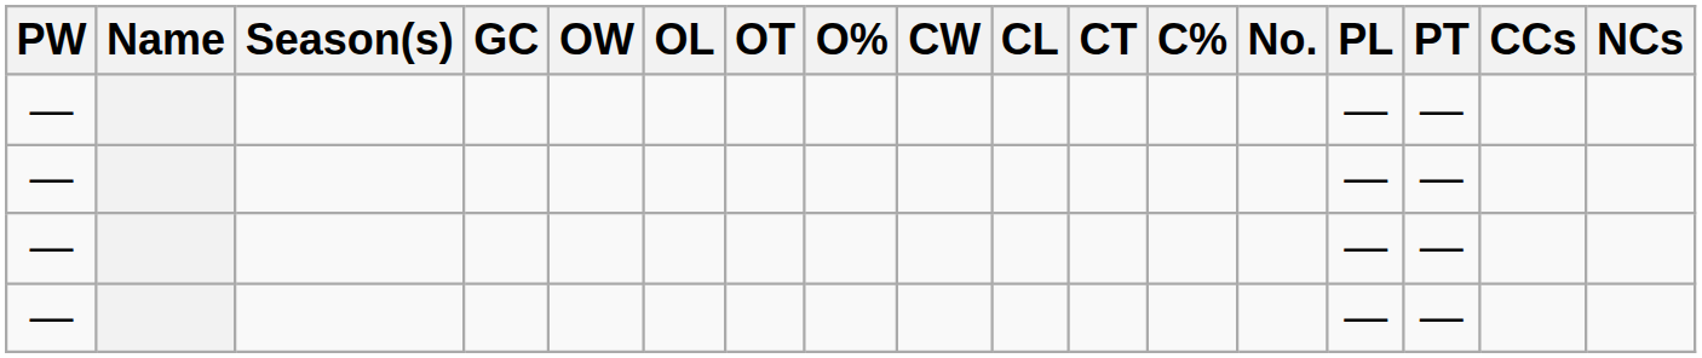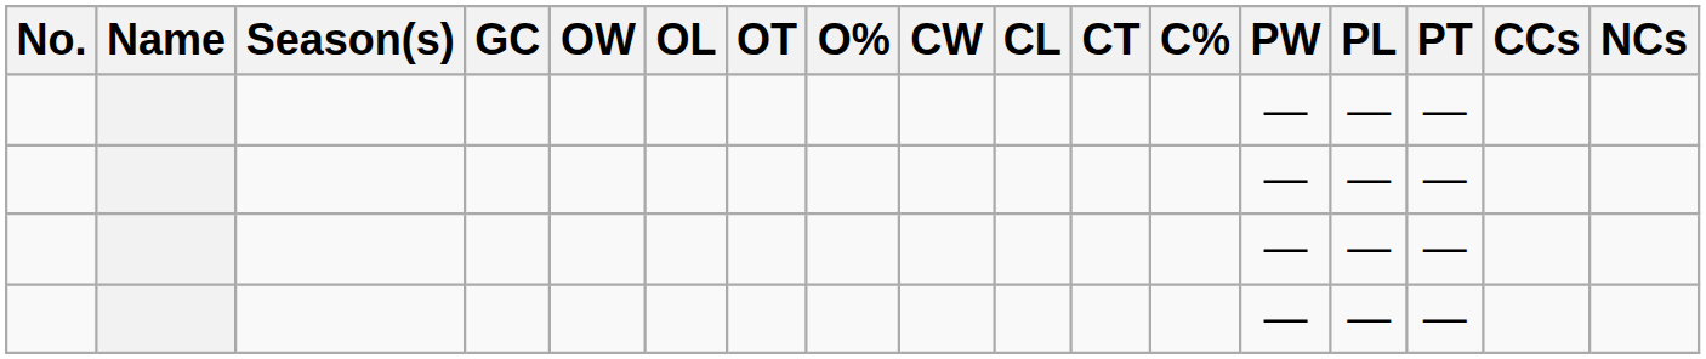 <table class="wikitable sortable" style="text-align:center;">
 <tr>
-<th scope="col">PW</th>
+<th scope="col" class="unsortable">No.</th>
 <th scope="col">Name</th>
 <th scope="col">Season(s)</th>
 <th scope="col">GC</th>
 <th scope="col">OW</th>
 <th scope="col">OL</th>
 <th scope="col">OT</th>
 <th scope="col">O%</th>
 <th scope="col">CW</th>
 <th scope="col">CL</th>
 <th scope="col">CT</th>
 <th scope="col">C%</th>
-<th scope="col" class="unsortable">No.</th>
+<th scope="col">PW</th>
 <th scope="col">PL</th>
 <th scope="col">PT</th>
 <th scope="col">CCs</th>
 <th scope="col">NCs</th>
 </tr>
 <tr>
-<td>—</td>
+<td></td>
 <th scope="row"></th>
-<td></td>
 <td></td>
 <td></td>
 <td></td>
 <td></td>
 <td></td>
 <td></td>
 <td></td>
 <td></td>
 <td></td>
 <td></td>
 <td>—</td>
 <td>—</td>
+<td>—</td>
 <td></td>
 <td></td>
 </tr>
 <tr>
-<td>—</td>
+<td></td>
 <th scope="row"></th>
-<td></td>
 <td></td>
 <td></td>
 <td></td>
 <td></td>
 <td></td>
 <td></td>
 <td></td>
 <td></td>
 <td></td>
 <td></td>
 <td>—</td>
 <td>—</td>
+<td>—</td>
 <td></td>
 <td></td>
 </tr>
 <tr>
-<td>—</td>
+<td></td>
 <th scope="row"></th>
-<td></td>
 <td></td>
 <td></td>
 <td></td>
 <td></td>
 <td></td>
 <td></td>
 <td></td>
 <td></td>
 <td></td>
 <td></td>
 <td>—</td>
 <td>—</td>
+<td>—</td>
 <td></td>
 <td></td>
 </tr>
 <tr>
-<td>—</td>
+<td></td>
 <th scope="row"></th>
-<td></td>
 <td></td>
 <td></td>
 <td></td>
 <td></td>
 <td></td>
 <td></td>
 <td></td>
 <td></td>
 <td></td>
 <td></td>
 <td>—</td>
 <td>—</td>
+<td>—</td>
 <td></td>
 <td></td>
 </tr>
 </table>
